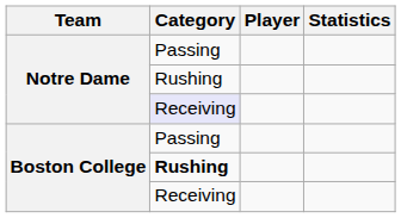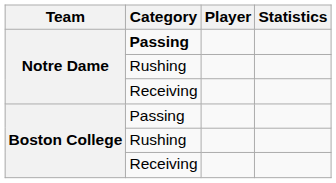 <table class="wikitable" style="float:right">
 <tr>
 <th>Team</th>
 <th>Category</th>
 <th>Player</th>
 <th>Statistics</th>
 </tr>
 <tr>
 <th rowspan=3>Notre Dame</th>
+<td><strong>Passing</strong></td>
+<td></td>
+<td></td>
+</tr>
+<tr>
+<td>Rushing</td>
+<td></td>
+<td></td>
+</tr>
+<tr>
+<td>Receiving</td>
+<td></td>
+<td></td>
+</tr>
+<tr>
+<th rowspan=3>Boston College</th>
 <td>Passing</td>
 <td></td>
 <td></td>
 </tr>
 <tr>
 <td>Rushing</td>
 <td></td>
 <td></td>
 </tr>
 <tr>
-<td style="background: lavender;">Receiving</td>
-<td></td>
-<td></td>
-</tr>
-<tr>
-<th rowspan=3>Boston College</th>
-<td>Passing</td>
-<td></td>
-<td></td>
-</tr>
-<tr>
-<td><strong>Rushing</strong></td>
-<td></td>
-<td></td>
-</tr>
-<tr>
 <td>Receiving</td>
 <td></td>
 <td></td>
 </tr>
 </table>
